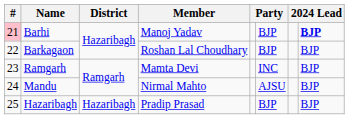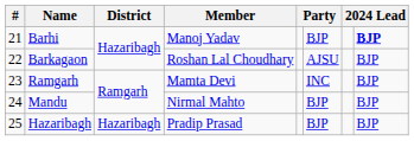 <table class="wikitable">
 <tr>
 <th>#</th>
 <th>Name</th>
 <th>District</th>
 <th>Member</th>
 <th colspan="2">Party</th>
 <th colspan="2">2024 Lead</th>
 </tr>
 <tr>
-<td style="background: pink;">21</td>
+<td>21</td>
 <td><a href='#'>Barhi</a></td>
 <td rowspan="2"><a href='#'>Hazaribagh</a></td>
 <td><a href='#'>Manoj Yadav</a></td>
 <td style="background-color: "></td>
 <td><a href='#'>BJP</a></td>
 <td></td>
 <td><strong><a href='#'>BJP</a></strong></td>
 </tr>
 <tr>
 <td>22</td>
 <td><a href='#'>Barkagaon</a></td>
 <td><a href='#'>Roshan Lal Choudhary</a></td>
 <td style="background-color: "></td>
-<td><a href='#'>BJP</a></td>
+<td><a href='#'>AJSU</a></td>
 <td></td>
 <td><a href='#'>BJP</a></td>
 </tr>
 <tr>
 <td>23</td>
 <td><a href='#'>Ramgarh</a></td>
 <td rowspan="2"><a href='#'>Ramgarh</a></td>
 <td><a href='#'>Mamta Devi</a></td>
 <td style="background-color: "></td>
 <td><a href='#'>INC</a></td>
 <td></td>
 <td><a href='#'>BJP</a></td>
 </tr>
 <tr>
 <td>24</td>
 <td><a href='#'>Mandu</a></td>
 <td><a href='#'>Nirmal Mahto</a></td>
 <td style="background-color: "></td>
-<td><a href='#'>AJSU</a></td>
+<td><a href='#'>BJP</a></td>
 <td></td>
 <td><a href='#'>BJP</a></td>
 </tr>
 <tr>
 <td>25</td>
 <td><a href='#'>Hazaribagh</a></td>
 <td><a href='#'>Hazaribagh</a></td>
 <td><a href='#'>Pradip Prasad</a></td>
 <td style="background-color: "></td>
 <td><a href='#'>BJP</a></td>
 <td></td>
 <td><a href='#'>BJP</a></td>
 </tr>
 </table>
